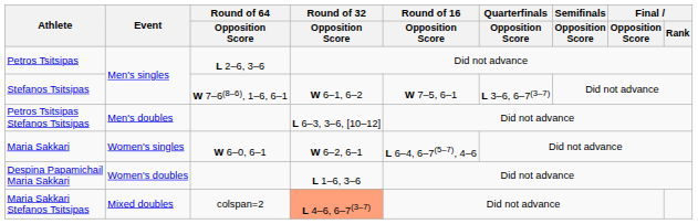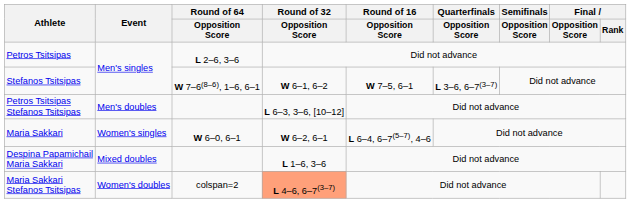 <table class=wikitable style="font-size:90%">
 <tr>
 <th rowspan="2">Athlete</th>
 <th rowspan="2">Event</th>
 <th>Round of 64</th>
 <th>Round of 32</th>
 <th>Round of 16</th>
 <th>Quarterfinals</th>
 <th>Semifinals</th>
 <th colspan=2>Final / </th>
 </tr>
 <tr style="font-size:95%">
 <th>Opposition<br>Score</th>
 <th>Opposition<br>Score</th>
 <th>Opposition<br>Score</th>
 <th>Opposition<br>Score</th>
 <th>Opposition<br>Score</th>
 <th>Opposition<br>Score</th>
 <th>Rank</th>
 </tr>
 <tr align=center>
 <td align=left><a href='#'>Petros Tsitsipas</a></td>
 <td align=left rowspan=2><a href='#'>Men's singles</a></td>
 <td><br><strong>L</strong> 2–6, 3–6</td>
 <td colspan=6>Did not advance</td>
 </tr>
 <tr align=center>
 <td align=left><a href='#'>Stefanos Tsitsipas</a></td>
 <td><br><strong>W</strong> 7–6<sup>(8–6)</sup>, 1–6, 6–1</td>
 <td><br><strong>W</strong> 6–1, 6–2</td>
 <td><br><strong>W</strong> 7–5, 6–1</td>
 <td><br><strong>L</strong> 3–6, 6–7<sup>(3–7)</sup></td>
 <td colspan=3>Did not advance</td>
 </tr>
 <tr align=center>
 <td align=left><a href='#'>Petros Tsitsipas</a><br><a href='#'>Stefanos Tsitsipas</a></td>
 <td align=left><a href='#'>Men's doubles</a></td>
 <td></td>
 <td><br><strong>L</strong> 6–3, 3–6, [10–12]</td>
 <td colspan=5>Did not advance</td>
 </tr>
 <tr align=center>
 <td align=left><a href='#'>Maria Sakkari</a></td>
 <td align=left><a href='#'>Women's singles</a></td>
 <td><br><strong>W</strong> 6–0, 6–1</td>
 <td><br><strong>W</strong> 6–2, 6–1</td>
 <td><br><strong>L</strong> 6–4, 6–7<sup>(5–7)</sup>, 4–6</td>
 <td colspan=4>Did not advance</td>
 </tr>
 <tr align=center>
 <td align=left><a href='#'>Despina Papamichail</a><br><a href='#'>Maria Sakkari</a></td>
-<td align=left><a href='#'>Women's doubles</a></td>
+<td align=left><a href='#'>Mixed doubles</a></td>
 <td></td>
 <td><br><strong>L</strong> 1–6, 3–6</td>
 <td colspan=5>Did not advance</td>
 </tr>
 <tr align=center>
 <td align=left><a href='#'>Maria Sakkari</a><br><a href='#'>Stefanos Tsitsipas</a></td>
-<td align=left><a href='#'>Mixed doubles</a></td>
+<td align=left><a href='#'>Women's doubles</a></td>
 <td>colspan=2 </td>
 <td style="background: lightsalmon;"><br><strong>L</strong> 4–6, 6–7<sup>(3–7)</sup></td>
 <td colspan=4>Did not advance</td>
 </tr>
 </table>
